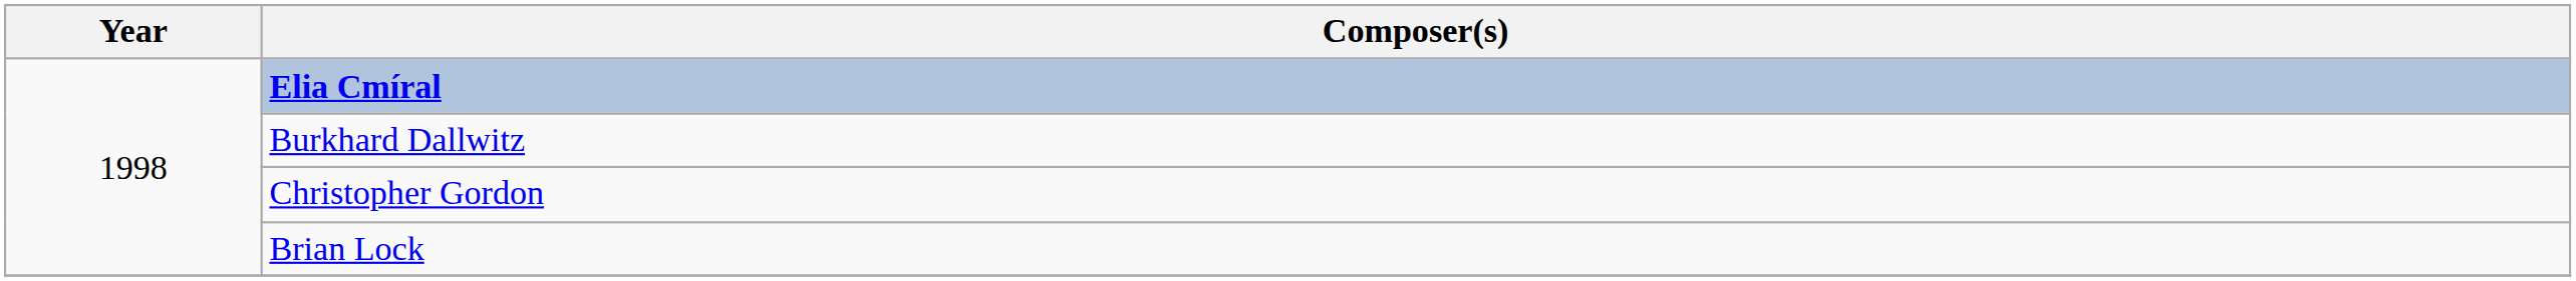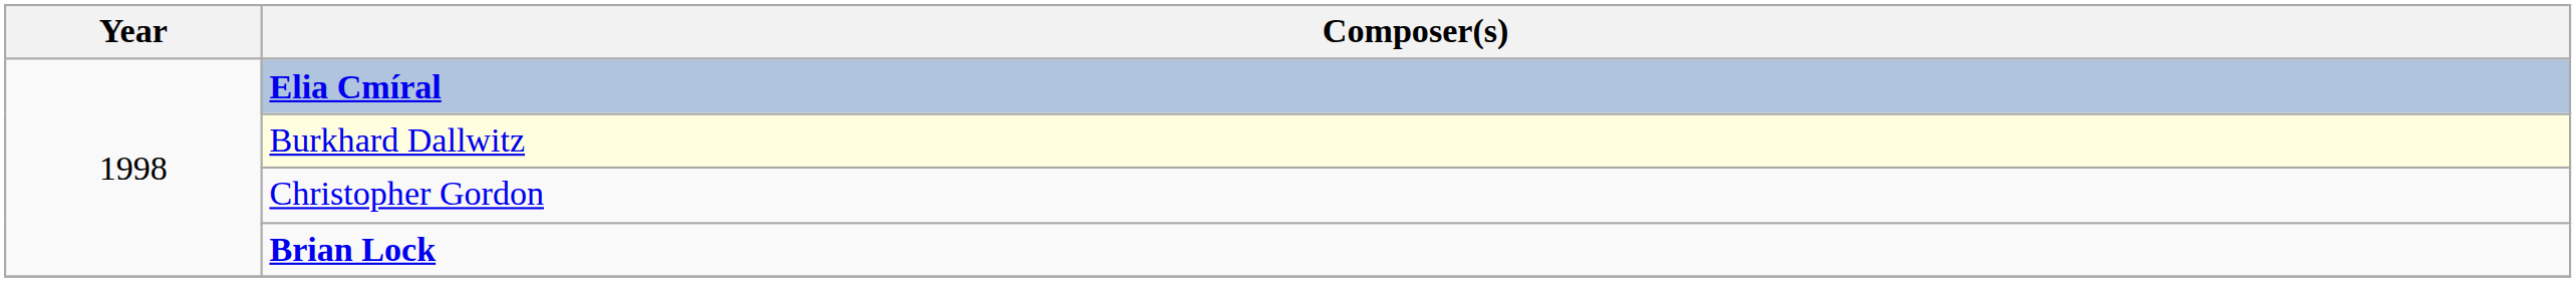 <table class="wikitable" width="95%" cellpadding="5">
 <tr>
 <th width="10%">Year</th>
 <th width="90%">Composer(s)</th>
 </tr>
 <tr>
 <td rowspan="4" style="text-align:center;">1998<br></td>
 <td style="background:#B0C4DE;"><strong><a href='#'>Elia Cmíral</a></strong></td>
 </tr>
 <tr>
-<td><a href='#'>Burkhard Dallwitz</a></td>
+<td style="background: lightyellow;"><a href='#'>Burkhard Dallwitz</a></td>
 </tr>
 <tr>
 <td><a href='#'>Christopher Gordon</a></td>
 </tr>
 <tr>
-<td><a href='#'>Brian Lock</a></td>
+<td><strong><a href='#'>Brian Lock</a></strong></td>
 </tr>
 <tr>
 </tr>
 </table>
